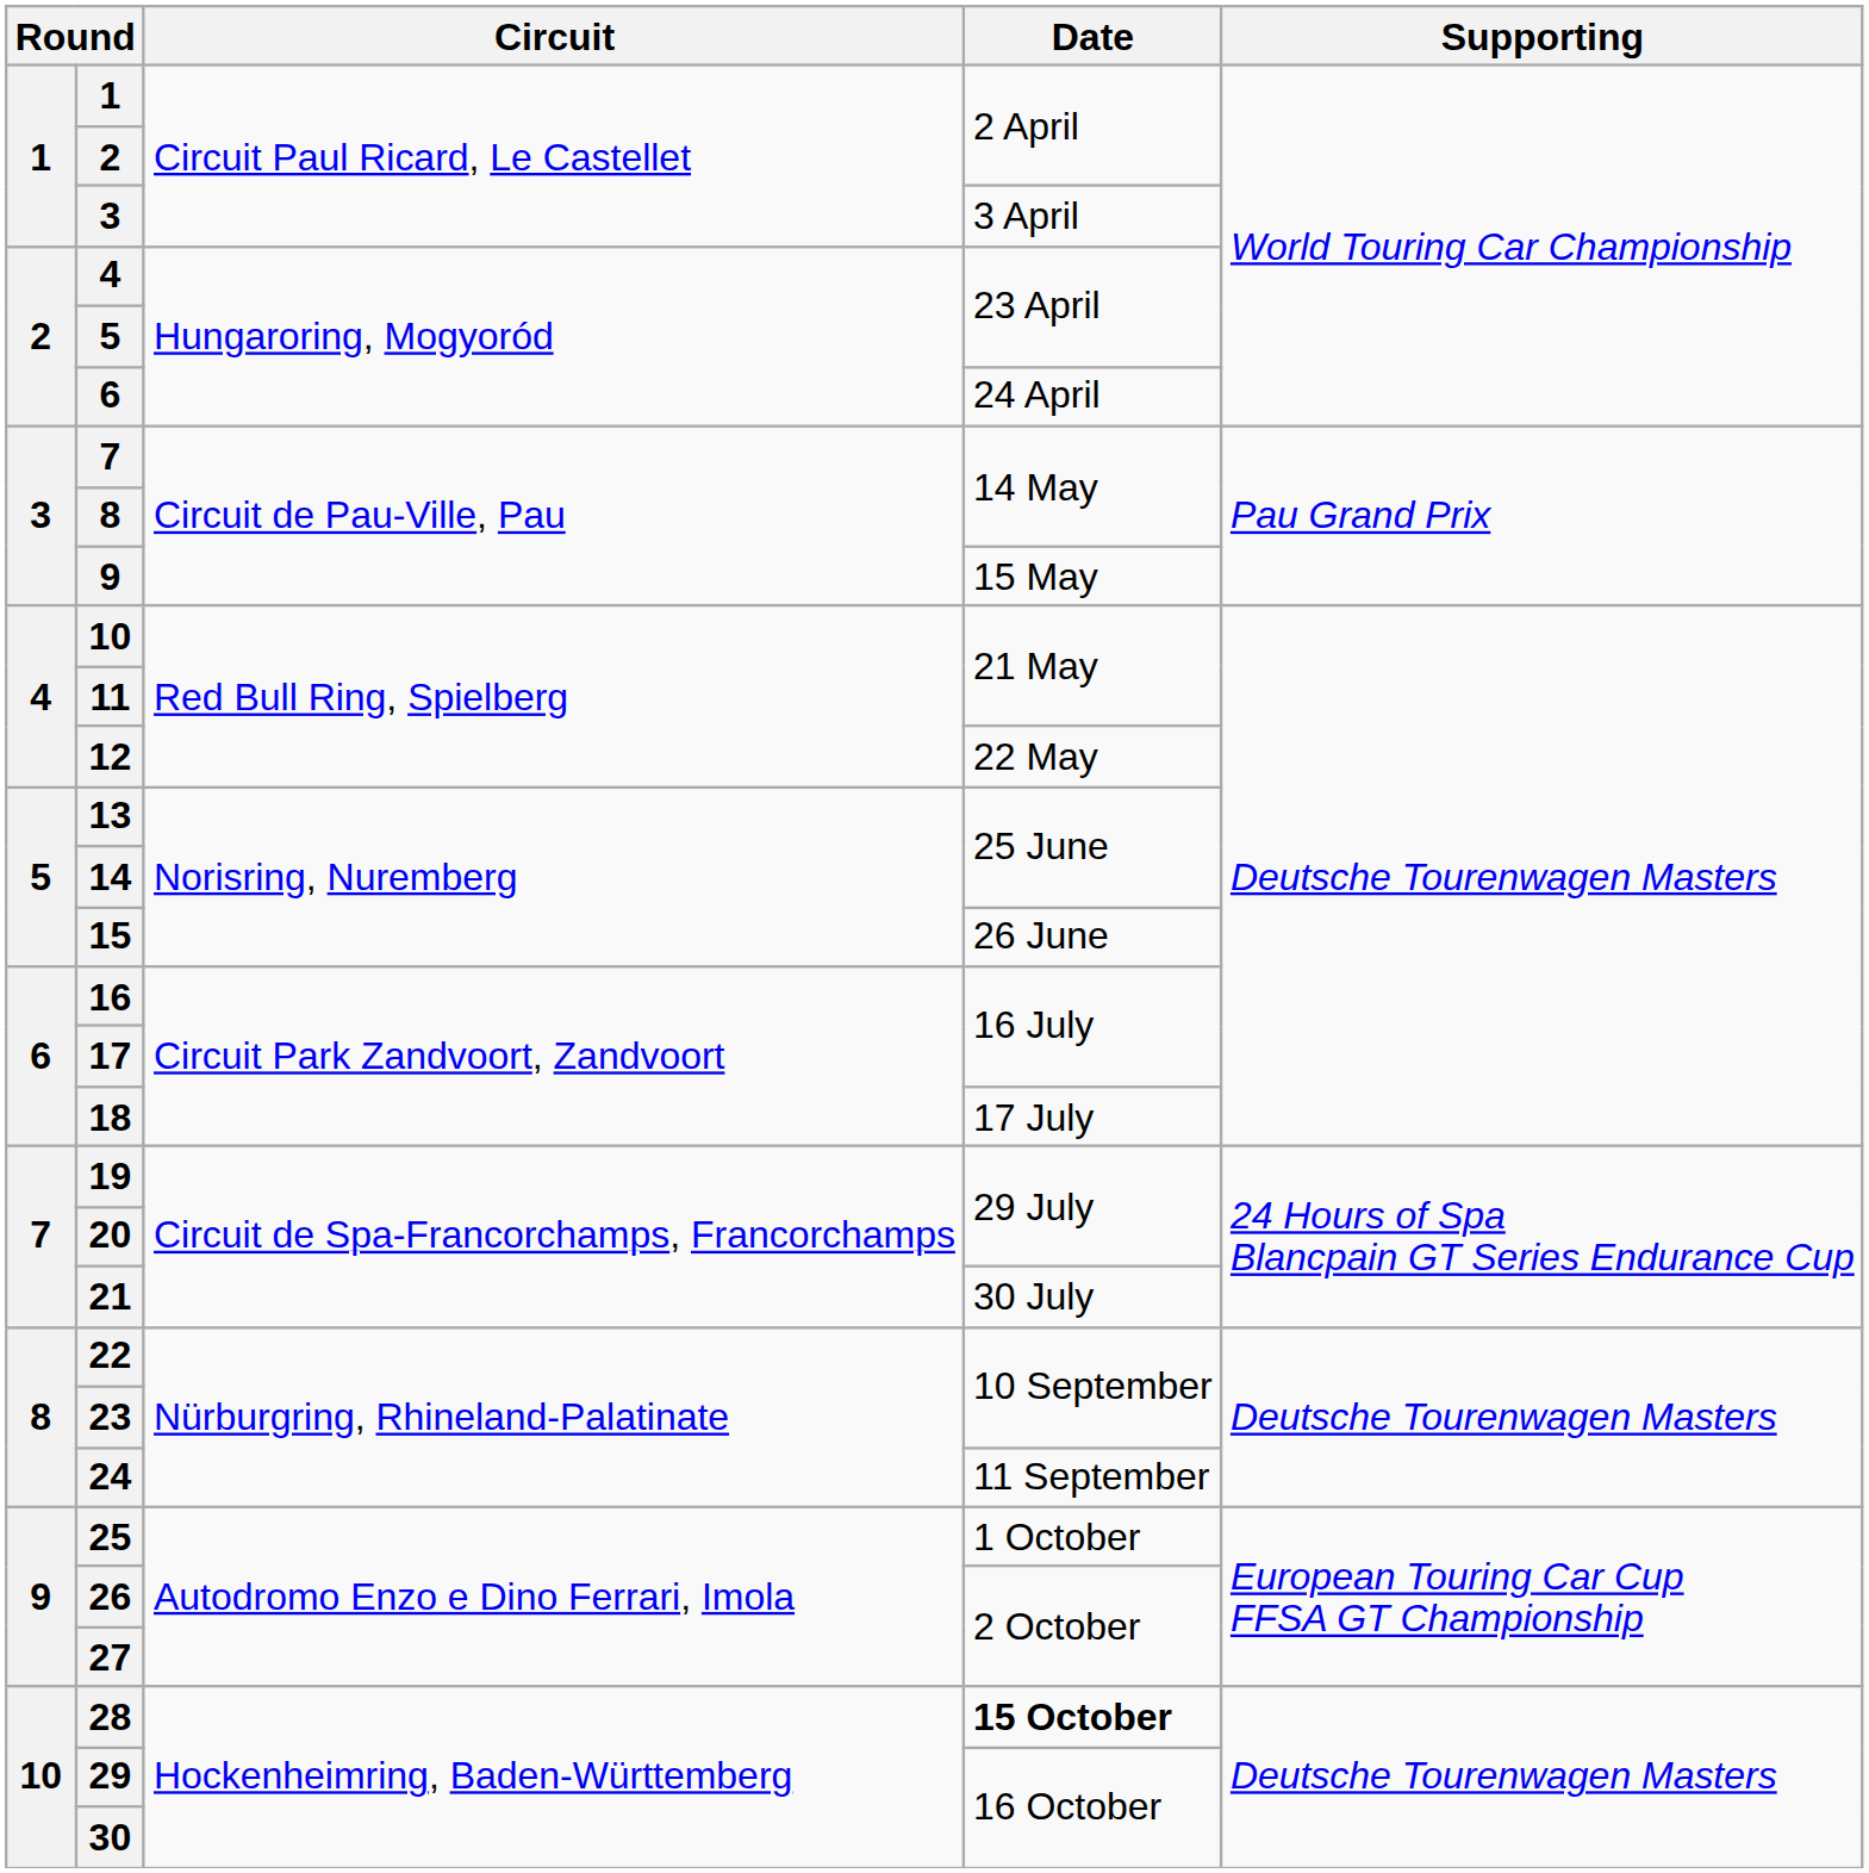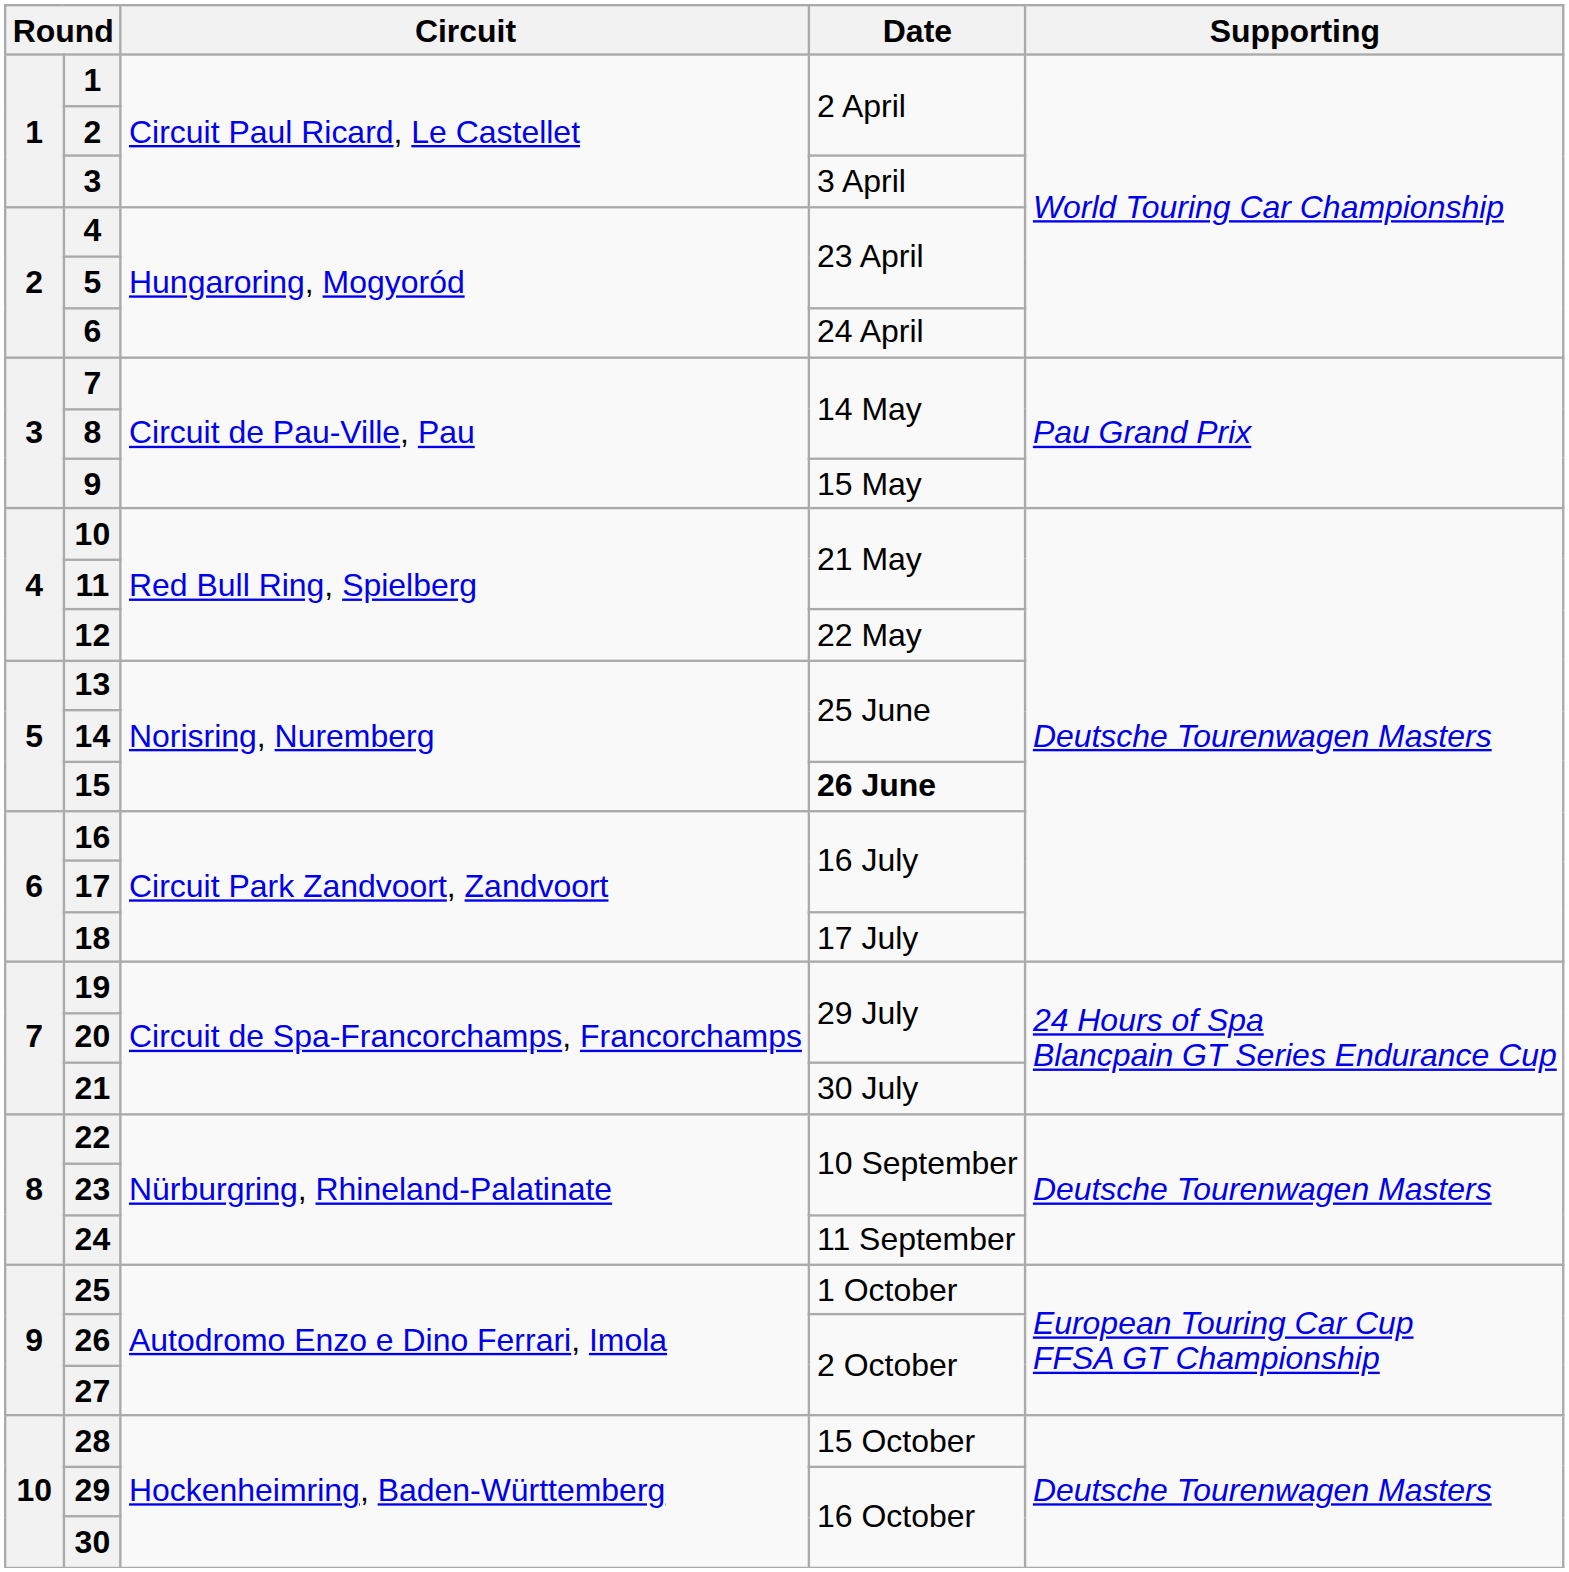 <table class="wikitable" style="font-size: 85%">
 <tr>
 <th colspan="2">Round</th>
 <th>Circuit</th>
 <th>Date</th>
 <th>Supporting</th>
 </tr>
 <tr>
 <th rowspan=3>1</th>
 <th>1</th>
 <td rowspan=3> <a href='#'>Circuit Paul Ricard</a>, <a href='#'>Le Castellet</a></td>
 <td rowspan=2>2 April</td>
 <td rowspan=6><em><a href='#'>World Touring Car Championship</a></em></td>
 </tr>
 <tr>
 <th>2</th>
 </tr>
 <tr>
 <th>3</th>
 <td>3 April</td>
 </tr>
 <tr>
 <th rowspan=3>2</th>
 <th>4</th>
 <td rowspan=3> <a href='#'>Hungaroring</a>, <a href='#'>Mogyoród</a></td>
 <td rowspan=2>23 April</td>
 </tr>
 <tr>
 <th>5</th>
 </tr>
 <tr>
 <th>6</th>
 <td>24 April</td>
 </tr>
 <tr>
 <th rowspan=3>3</th>
 <th>7</th>
 <td rowspan=3> <a href='#'>Circuit de Pau-Ville</a>, <a href='#'>Pau</a></td>
 <td rowspan=2>14 May</td>
 <td rowspan=3><em><a href='#'>Pau Grand Prix</a></em></td>
 </tr>
 <tr>
 <th>8</th>
 </tr>
 <tr>
 <th>9</th>
 <td>15 May</td>
 </tr>
 <tr>
 <th rowspan=3>4</th>
 <th>10</th>
 <td rowspan=3> <a href='#'>Red Bull Ring</a>, <a href='#'>Spielberg</a></td>
 <td rowspan=2>21 May</td>
 <td rowspan=9><em><a href='#'>Deutsche Tourenwagen Masters</a></em></td>
 </tr>
 <tr>
 <th>11</th>
 </tr>
 <tr>
 <th>12</th>
 <td>22 May</td>
 </tr>
 <tr>
 <th rowspan=3>5</th>
 <th>13</th>
 <td rowspan=3> <a href='#'>Norisring</a>, <a href='#'>Nuremberg</a></td>
 <td rowspan=2>25 June</td>
 </tr>
 <tr>
 <th>14</th>
 </tr>
 <tr>
 <th>15</th>
-<td>26 June</td>
+<td><strong>26 June</strong></td>
 </tr>
 <tr>
 <th rowspan=3>6</th>
 <th>16</th>
 <td rowspan=3> <a href='#'>Circuit Park Zandvoort</a>, <a href='#'>Zandvoort</a></td>
 <td rowspan=2>16 July</td>
 </tr>
 <tr>
 <th>17</th>
 </tr>
 <tr>
 <th>18</th>
 <td>17 July</td>
 </tr>
 <tr>
 <th rowspan=3>7</th>
 <th>19</th>
 <td rowspan=3> <a href='#'>Circuit de Spa-Francorchamps</a>, <a href='#'>Francorchamps</a></td>
 <td rowspan=2>29 July</td>
 <td rowspan=3><em><a href='#'>24 Hours of Spa</a></em> <br> <em><a href='#'>Blancpain GT Series Endurance Cup</a></em></td>
 </tr>
 <tr>
 <th>20</th>
 </tr>
 <tr>
 <th>21</th>
 <td>30 July</td>
 </tr>
 <tr>
 <th rowspan=3>8</th>
 <th>22</th>
 <td rowspan=3> <a href='#'>Nürburgring</a>, <a href='#'>Rhineland-Palatinate</a></td>
 <td rowspan=2>10 September</td>
 <td rowspan=3><em><a href='#'>Deutsche Tourenwagen Masters</a></em></td>
 </tr>
 <tr>
 <th>23</th>
 </tr>
 <tr>
 <th>24</th>
 <td>11 September</td>
 </tr>
 <tr>
 <th rowspan=3>9</th>
 <th>25</th>
 <td rowspan=3> <a href='#'>Autodromo Enzo e Dino Ferrari</a>, <a href='#'>Imola</a></td>
 <td>1 October</td>
 <td rowspan=3><em><a href='#'>European Touring Car Cup</a></em><br><em><a href='#'>FFSA GT Championship</a></em></td>
 </tr>
 <tr>
 <th>26</th>
 <td rowspan=2>2 October</td>
 </tr>
 <tr>
 <th>27</th>
 </tr>
 <tr>
 <th rowspan=3>10</th>
 <th>28</th>
 <td rowspan=3> <a href='#'>Hockenheimring</a>, <a href='#'>Baden-Württemberg</a></td>
-<td><strong>15 October</strong></td>
+<td>15 October</td>
 <td rowspan=3><em><a href='#'>Deutsche Tourenwagen Masters</a></em></td>
 </tr>
 <tr>
 <th>29</th>
 <td rowspan=2>16 October</td>
 </tr>
 <tr>
 <th>30</th>
 </tr>
 </table>
